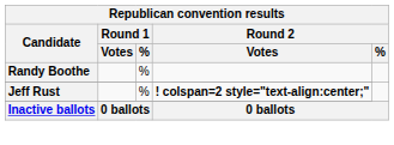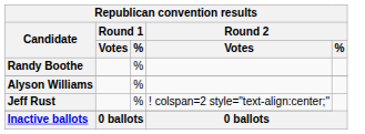 <table class="wikitable sortable">
 <tr>
 <th colspan="5">Republican convention results</th>
 </tr>
 <tr style="background:#eee; text-align:center;">
 <th rowspan="2" style="text-align:center;">Candidate</th>
 <th colspan="2" style="text-align:center;">Round 1</th>
 <th colspan="2" style="text-align:center;">Round 2</th>
 </tr>
 <tr>
 <th>Votes</th>
 <th>%</th>
 <th>Votes</th>
 <th>%</th>
 </tr>
 <tr>
 <th scope="row" style="text-align:left;">Randy Boothe</th>
 <td></td>
 <td>%</td>
 <td></td>
 <td></td>
 </tr>
 <tr>
 </tr>
 <tr>
+<th scope="row" style="text-align:left;">Alyson Williams</th>
+<td></td>
+<td>%</td>
+<td></td>
+<td></td>
+</tr>
+<tr>
 <th scope="row" style="text-align:left;">Jeff Rust</th>
 <td></td>
 <td>%</td>
-<td><strong>! colspan=2 style="text-align:center;" </strong></td>
+<td>! colspan=2 style="text-align:center;" </td>
 </tr>
 <tr>
 </tr>
 <tr>
 </tr>
 <tr>
 </tr>
 <tr>
 <th scope="row" style="text-align:left;"><a href='#'>Inactive ballots</a></th>
 <th colspan="2">0 ballots</th>
 <th colspan="2">0 ballots</th>
 </tr>
 </table>
